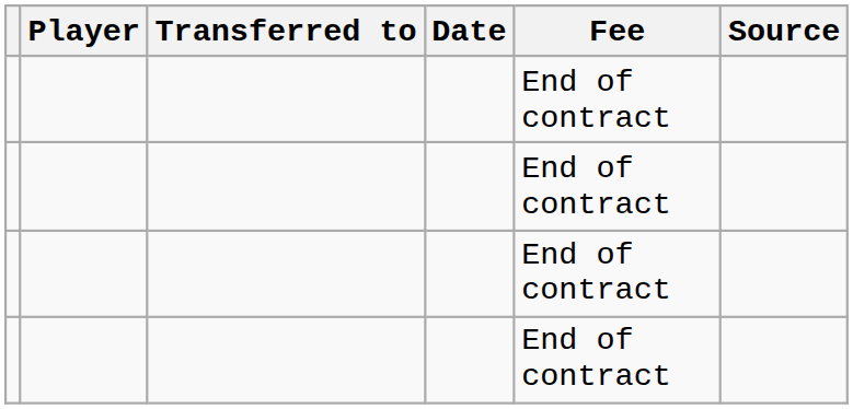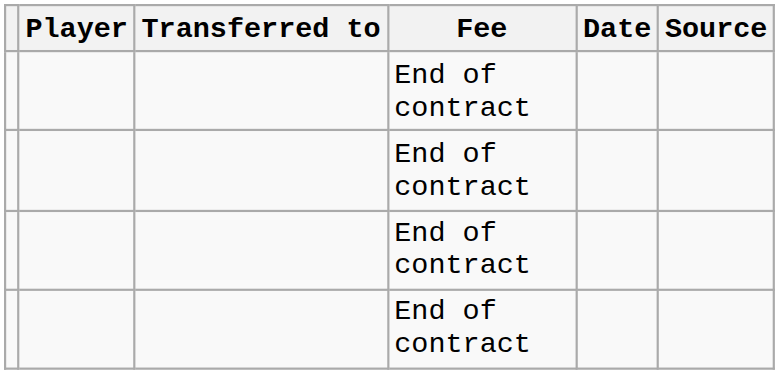 <table class="wikitable plainrowheaders sortable">
 <tr>
 <th></th>
 <th scope="col">Player</th>
 <th>Transferred to</th>
+<th style="width: 80px;">Fee</th>
 <th scope="col">Date</th>
-<th style="width: 80px;">Fee</th>
 <th scope="col">Source</th>
 </tr>
 <tr>
 <td align="center"></td>
 <td></td>
 <td></td>
+<td>End of contract</td>
 <td></td>
-<td>End of contract</td>
 <td></td>
 </tr>
 <tr>
 <td align="center"></td>
 <td></td>
 <td></td>
+<td>End of contract</td>
 <td></td>
-<td>End of contract</td>
 <td></td>
 </tr>
 <tr>
 <td align="center"></td>
 <td></td>
 <td></td>
+<td>End of contract</td>
 <td></td>
-<td>End of contract</td>
 <td></td>
 </tr>
 <tr>
 <td align="center"></td>
 <td></td>
 <td></td>
+<td>End of contract</td>
 <td></td>
-<td>End of contract</td>
 <td></td>
 </tr>
 </table>
